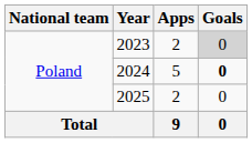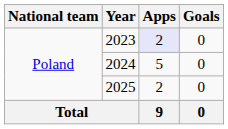 <table class="wikitable" style="text-align:center">
 <tr>
 <th>National team</th>
 <th>Year</th>
 <th>Apps</th>
 <th>Goals</th>
 </tr>
 <tr>
 <td rowspan="3"><a href='#'>Poland</a></td>
 <td>2023</td>
-<td>2</td>
-<td style="background: lightgrey;">0</td>
+<td style="background: lavender;">2</td>
+<td>0</td>
 </tr>
 <tr>
 <td>2024</td>
 <td>5</td>
-<td><strong>0</strong></td>
+<td>0</td>
 </tr>
 <tr>
 <td>2025</td>
 <td>2</td>
 <td>0</td>
 </tr>
 <tr>
 <th colspan="2">Total</th>
 <th>9</th>
 <th>0</th>
 </tr>
 </table>
